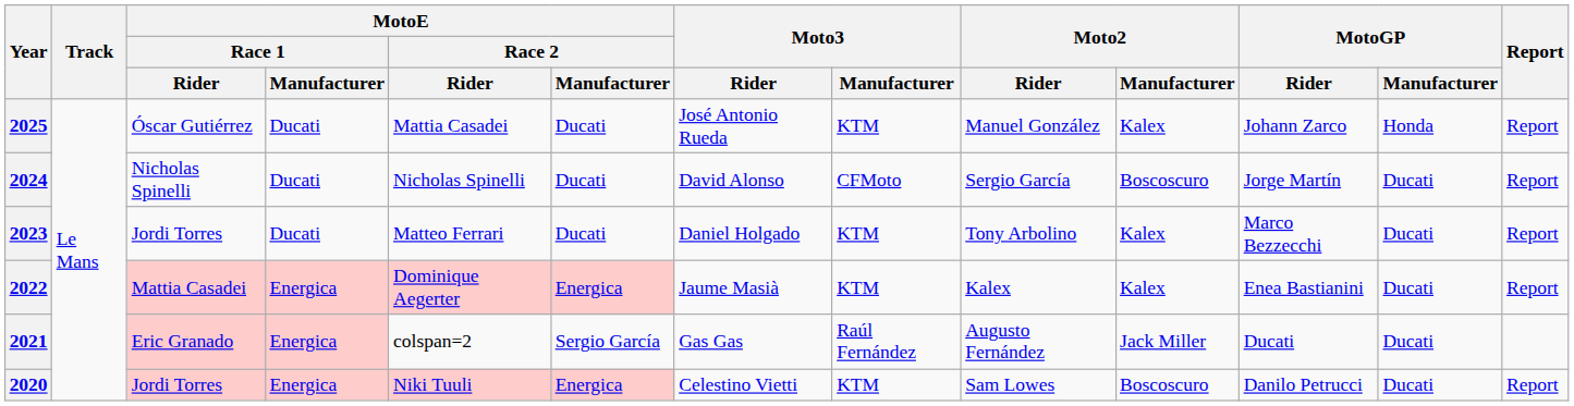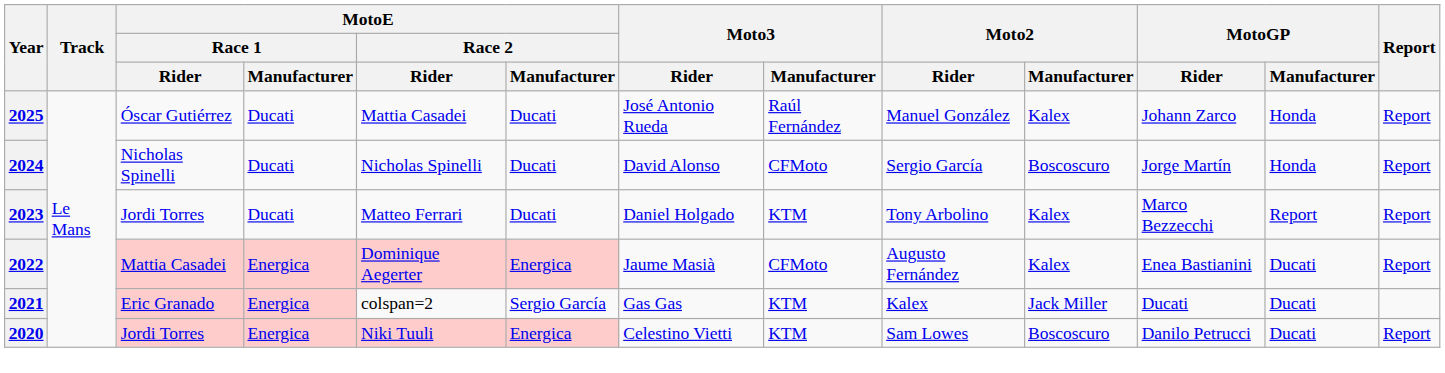 <table class="wikitable" style="font-size: 95%;">
 <tr>
 <th rowspan=3>Year</th>
 <th rowspan=3>Track</th>
 <th colspan=4>MotoE</th>
 <th colspan=2 rowspan=2>Moto3</th>
 <th colspan=2 rowspan=2>Moto2</th>
 <th colspan=2 rowspan=2>MotoGP</th>
 <th rowspan=3>Report</th>
 </tr>
 <tr>
 <th colspan=2>Race 1</th>
 <th colspan=2>Race 2</th>
 </tr>
 <tr>
 <th>Rider</th>
 <th>Manufacturer</th>
 <th>Rider</th>
 <th>Manufacturer</th>
 <th>Rider</th>
 <th>Manufacturer</th>
 <th>Rider</th>
 <th>Manufacturer</th>
 <th>Rider</th>
 <th>Manufacturer</th>
 </tr>
 <tr>
 <th><a href='#'>2025</a></th>
 <td rowspan="6"><a href='#'>Le Mans</a></td>
 <td> <a href='#'>Óscar Gutiérrez</a></td>
 <td><a href='#'>Ducati</a></td>
 <td> <a href='#'>Mattia Casadei</a></td>
 <td><a href='#'>Ducati</a></td>
 <td> <a href='#'>José Antonio Rueda</a></td>
-<td><a href='#'>KTM</a></td>
+<td> <a href='#'>Raúl Fernández</a></td>
 <td> <a href='#'>Manuel González</a></td>
 <td><a href='#'>Kalex</a></td>
 <td> <a href='#'>Johann Zarco</a></td>
 <td><a href='#'>Honda</a></td>
 <td><a href='#'>Report</a></td>
 </tr>
 <tr>
 <th><a href='#'>2024</a></th>
 <td> <a href='#'>Nicholas Spinelli</a></td>
 <td><a href='#'>Ducati</a></td>
 <td> <a href='#'>Nicholas Spinelli</a></td>
 <td><a href='#'>Ducati</a></td>
 <td> <a href='#'>David Alonso</a></td>
 <td><a href='#'>CFMoto</a></td>
 <td> <a href='#'>Sergio García</a></td>
 <td><a href='#'>Boscoscuro</a></td>
 <td> <a href='#'>Jorge Martín</a></td>
-<td><a href='#'>Ducati</a></td>
+<td><a href='#'>Honda</a></td>
 <td><a href='#'>Report</a></td>
 </tr>
 <tr>
 <th><a href='#'>2023</a></th>
 <td> <a href='#'>Jordi Torres</a></td>
 <td><a href='#'>Ducati</a></td>
 <td> <a href='#'>Matteo Ferrari</a></td>
 <td><a href='#'>Ducati</a></td>
 <td> <a href='#'>Daniel Holgado</a></td>
 <td><a href='#'>KTM</a></td>
 <td> <a href='#'>Tony Arbolino</a></td>
 <td><a href='#'>Kalex</a></td>
 <td> <a href='#'>Marco Bezzecchi</a></td>
-<td><a href='#'>Ducati</a></td>
+<td><a href='#'>Report</a></td>
 <td><a href='#'>Report</a></td>
 </tr>
 <tr>
 <th><a href='#'>2022</a></th>
 <td style="background:#FFCCCC;"> <a href='#'>Mattia Casadei</a></td>
 <td style="background:#FFCCCC;"><a href='#'>Energica</a></td>
 <td style="background:#FFCCCC;"> <a href='#'>Dominique Aegerter</a></td>
 <td style="background:#FFCCCC;"><a href='#'>Energica</a></td>
 <td> <a href='#'>Jaume Masià</a></td>
-<td><a href='#'>KTM</a></td>
-<td><a href='#'>Kalex</a></td>
+<td><a href='#'>CFMoto</a></td>
+<td> <a href='#'>Augusto Fernández</a></td>
 <td><a href='#'>Kalex</a></td>
 <td> <a href='#'>Enea Bastianini</a></td>
 <td><a href='#'>Ducati</a></td>
 <td><a href='#'>Report</a></td>
 </tr>
 <tr>
 <th><a href='#'>2021</a></th>
 <td style="background:#FFCCCC;"> <a href='#'>Eric Granado</a></td>
 <td style="background:#FFCCCC;"><a href='#'>Energica</a></td>
 <td>colspan=2</td>
 <td> <a href='#'>Sergio García</a></td>
 <td><a href='#'>Gas Gas</a></td>
-<td> <a href='#'>Raúl Fernández</a></td>
-<td> <a href='#'>Augusto Fernández</a></td>
+<td><a href='#'>KTM</a></td>
+<td><a href='#'>Kalex</a></td>
 <td> <a href='#'>Jack Miller</a></td>
 <td><a href='#'>Ducati</a></td>
 <td><a href='#'>Ducati</a></td>
 </tr>
 <tr>
 <th><a href='#'>2020</a></th>
 <td style="background:#FFCCCC;"> <a href='#'>Jordi Torres</a></td>
 <td style="background:#FFCCCC;"><a href='#'>Energica</a></td>
 <td style="background:#FFCCCC;"> <a href='#'>Niki Tuuli</a></td>
 <td style="background:#FFCCCC;"><a href='#'>Energica</a></td>
 <td> <a href='#'>Celestino Vietti</a></td>
 <td><a href='#'>KTM</a></td>
 <td> <a href='#'>Sam Lowes</a></td>
 <td><a href='#'>Boscoscuro</a></td>
 <td> <a href='#'>Danilo Petrucci</a></td>
 <td><a href='#'>Ducati</a></td>
 <td><a href='#'>Report</a></td>
 </tr>
 </table>
